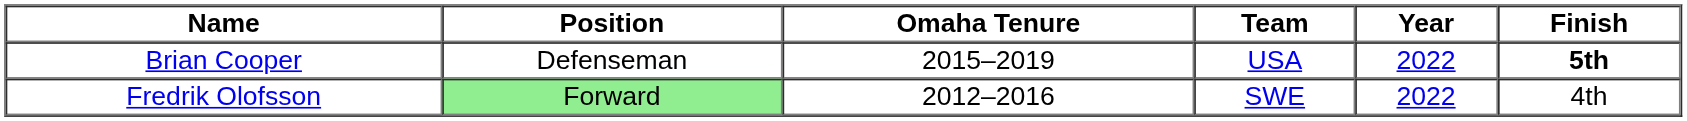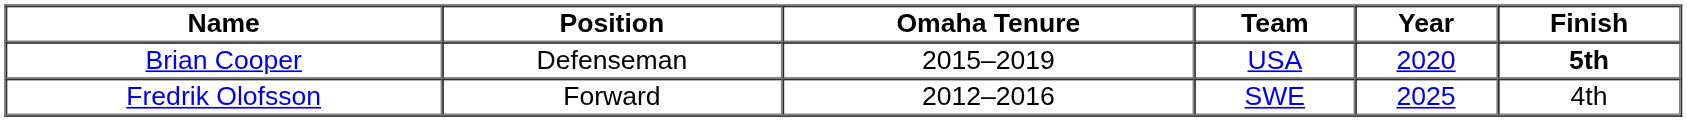 <table cellpadding="1" border="1" cellspacing="0" width="80%">
 <tr>
 <th>Name</th>
 <th>Position</th>
 <th>Omaha Tenure</th>
 <th>Team</th>
 <th>Year</th>
 <th>Finish</th>
 </tr>
 <tr align="center">
 <td><a href='#'>Brian Cooper</a></td>
 <td>Defenseman</td>
 <td>2015–2019</td>
 <td> <a href='#'>USA</a></td>
-<td><a href='#'>2022</a></td>
+<td><a href='#'>2020</a></td>
 <td><strong>5th</strong></td>
 </tr>
 <tr align="center">
 <td><a href='#'>Fredrik Olofsson</a></td>
-<td style="background: lightgreen;">Forward</td>
+<td>Forward</td>
 <td>2012–2016</td>
 <td> <a href='#'>SWE</a></td>
-<td><a href='#'>2022</a></td>
+<td><a href='#'>2025</a></td>
 <td>4th</td>
 </tr>
 </table>
